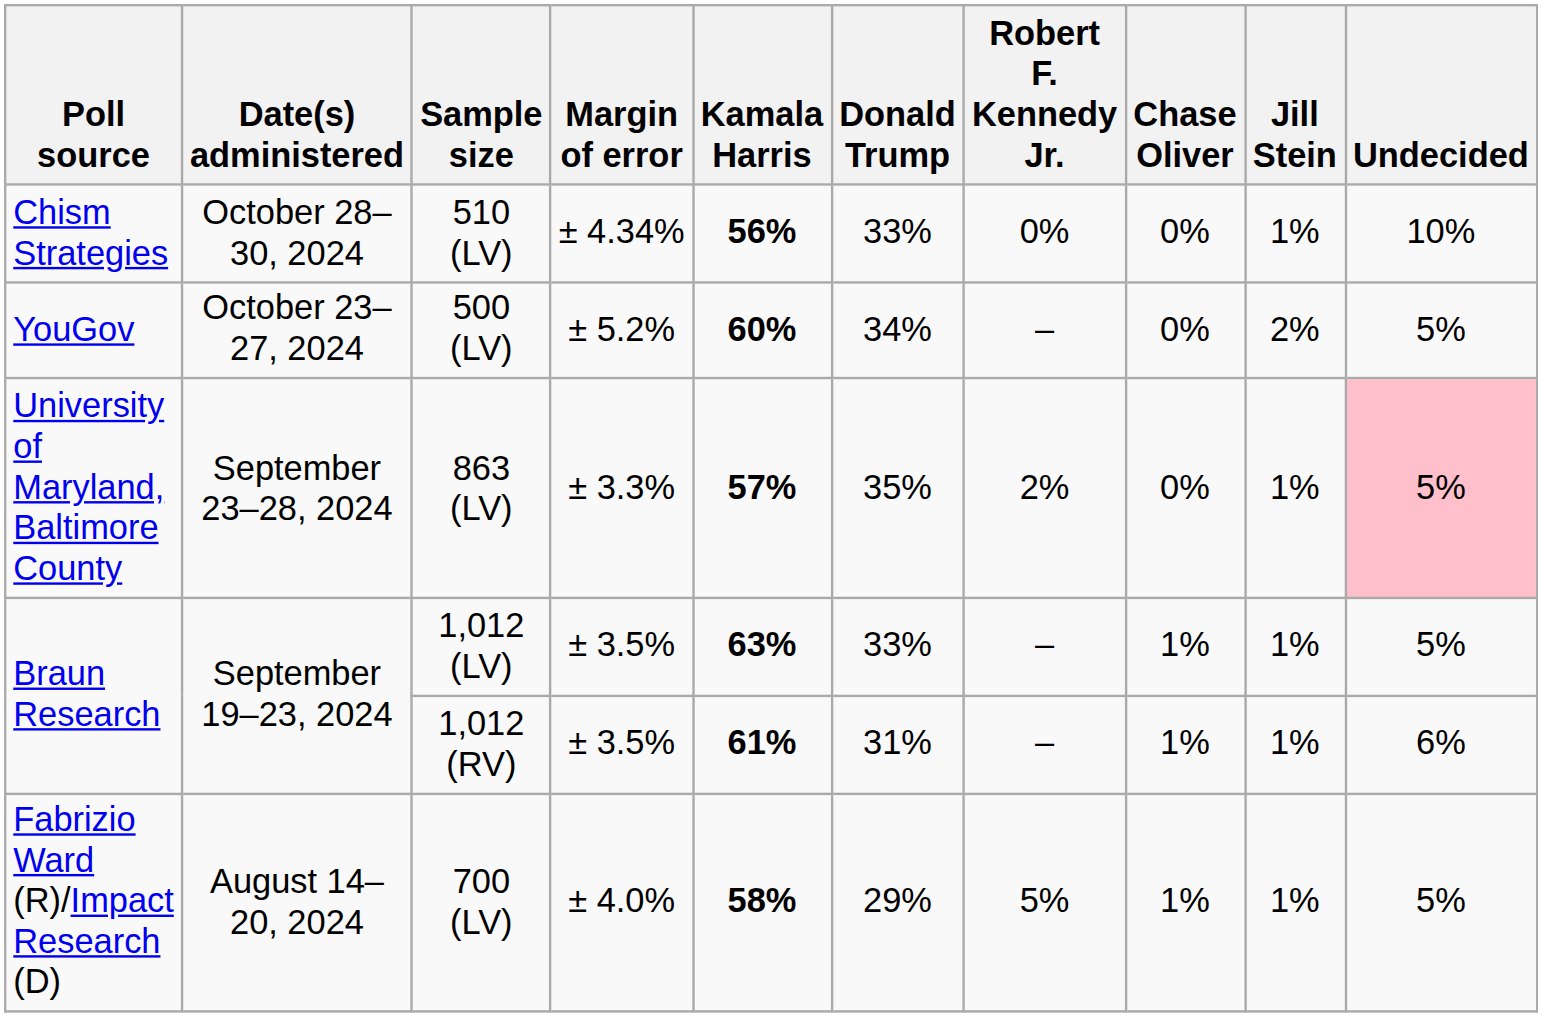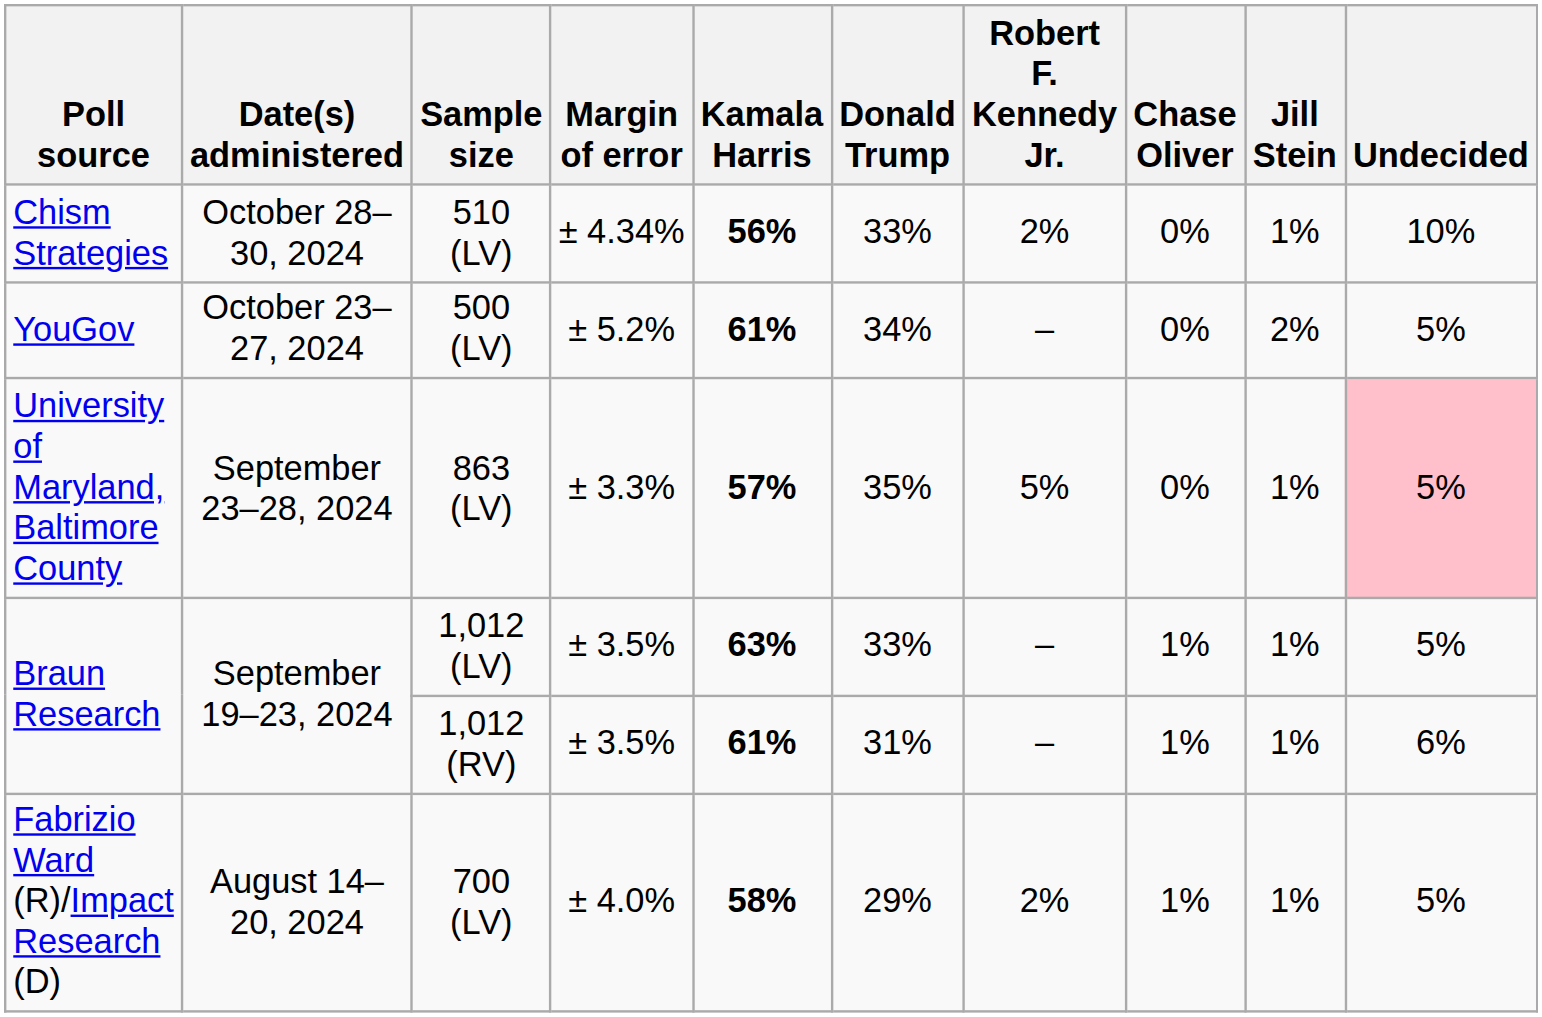 <table class="wikitable sortable mw-datatable" style="font-size:90%;text-align:center;line-height:17px">
 <tr valign=bottom>
 <th>Poll source</th>
 <th>Date(s)<br>administered</th>
 <th>Sample<br>size</th>
 <th>Margin<br>of error</th>
 <th class="unsortable">Kamala<br>Harris<br></th>
 <th class="unsortable">Donald<br>Trump<br></th>
 <th class="unsortable">Robert F.<br>Kennedy Jr.<br></th>
 <th class="unsortable">Chase<br>Oliver<br></th>
 <th class="unsortable">Jill<br>Stein<br></th>
 <th class="unsortable">Undecided</th>
 </tr>
 <tr>
 <td style="text-align:left;"><a href='#'>Chism Strategies</a></td>
 <td>October 28–30, 2024</td>
 <td>510 (LV)</td>
 <td>± 4.34%</td>
 <td style="color:black;background-color:"><strong>56%</strong></td>
 <td>33%</td>
-<td>0%</td>
+<td>2%</td>
 <td>0%</td>
 <td>1%</td>
 <td>10%</td>
 </tr>
 <tr>
 <td style="text-align:left;"><a href='#'>YouGov</a></td>
 <td>October 23–27, 2024</td>
 <td>500 (LV)</td>
 <td>± 5.2%</td>
-<td style="color:black;background-color:"><strong>60%</strong></td>
+<td style="color:black;background-color:"><strong>61%</strong></td>
 <td>34%</td>
 <td>–</td>
 <td>0%</td>
 <td>2%</td>
 <td>5%</td>
 </tr>
 <tr>
 <td style="text-align:left;"><a href='#'>University of Maryland, Baltimore County</a></td>
 <td>September 23–28, 2024</td>
 <td>863 (LV)</td>
 <td>± 3.3%</td>
 <td style="color:black;background-color:"><strong>57%</strong></td>
 <td>35%</td>
-<td>2%</td>
+<td>5%</td>
 <td>0%</td>
 <td>1%</td>
 <td style="background: pink;">5%</td>
 </tr>
 <tr>
 <td style="text-align:left;" rowspan="2"><a href='#'>Braun Research</a></td>
 <td rowspan="2">September 19–23, 2024</td>
 <td>1,012 (LV)</td>
 <td>± 3.5%</td>
 <td style="color:black;background-color:"><strong>63%</strong></td>
 <td>33%</td>
 <td>–</td>
 <td>1%</td>
 <td>1%</td>
 <td>5%</td>
 </tr>
 <tr>
 <td>1,012 (RV)</td>
 <td>± 3.5%</td>
 <td style="color:black;background-color:"><strong>61%</strong></td>
 <td>31%</td>
 <td>–</td>
 <td>1%</td>
 <td>1%</td>
 <td>6%</td>
 </tr>
 <tr>
 <td style="text-align:left;"><a href='#'>Fabrizio Ward</a> (R)/<a href='#'>Impact Research</a> (D)</td>
 <td data-sort-value=2024-08-20>August 14–20, 2024</td>
 <td>700 (LV)</td>
 <td>± 4.0%</td>
 <td style="color:black;background-color:"><strong>58%</strong></td>
 <td>29%</td>
-<td>5%</td>
+<td>2%</td>
 <td>1%</td>
 <td>1%</td>
 <td>5%</td>
 </tr>
 </table>
